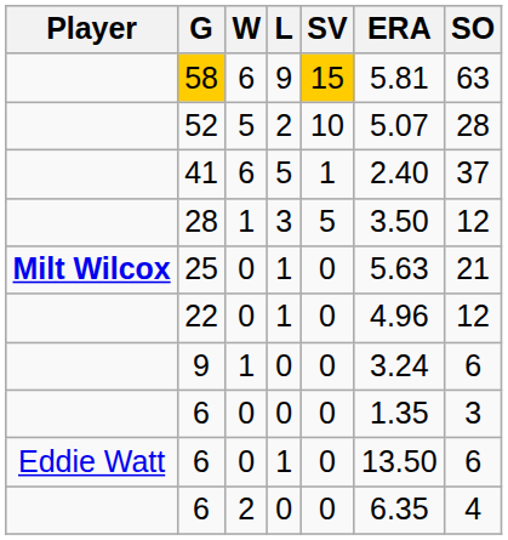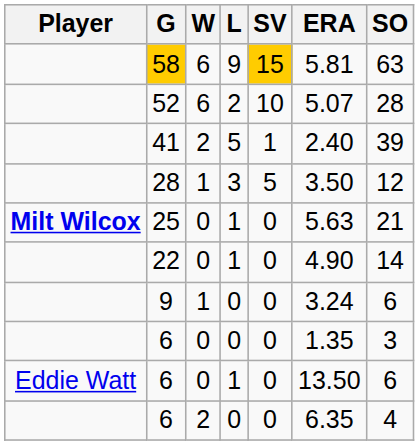 <table class="wikitable sortable" style="text-align:center;">
 <tr>
 <th>Player</th>
 <th>G</th>
 <th>W</th>
 <th>L</th>
 <th>SV</th>
 <th>ERA</th>
 <th>SO</th>
 </tr>
 <tr>
 <td></td>
 <td style="background:#fc0;">58</td>
 <td>6</td>
 <td>9</td>
 <td style="background:#fc0;">15</td>
 <td>5.81</td>
 <td>63</td>
 </tr>
 <tr>
 <td></td>
 <td>52</td>
-<td>5</td>
+<td>6</td>
 <td>2</td>
 <td>10</td>
 <td>5.07</td>
 <td>28</td>
 </tr>
 <tr>
 <td></td>
 <td>41</td>
-<td>6</td>
+<td>2</td>
 <td>5</td>
 <td>1</td>
 <td>2.40</td>
-<td>37</td>
+<td>39</td>
 </tr>
 <tr>
 <td></td>
 <td>28</td>
 <td>1</td>
 <td>3</td>
 <td>5</td>
 <td>3.50</td>
 <td>12</td>
 </tr>
 <tr>
 <td><strong><a href='#'>Milt Wilcox</a></strong></td>
 <td>25</td>
 <td>0</td>
 <td>1</td>
 <td>0</td>
 <td>5.63</td>
 <td>21</td>
 </tr>
 <tr>
 <td></td>
 <td>22</td>
 <td>0</td>
 <td>1</td>
 <td>0</td>
-<td>4.96</td>
-<td>12</td>
+<td>4.90</td>
+<td>14</td>
 </tr>
 <tr>
 <td></td>
 <td>9</td>
 <td>1</td>
 <td>0</td>
 <td>0</td>
 <td>3.24</td>
 <td>6</td>
 </tr>
 <tr>
 <td></td>
 <td>6</td>
 <td>0</td>
 <td>0</td>
 <td>0</td>
 <td>1.35</td>
 <td>3</td>
 </tr>
 <tr>
 <td><a href='#'>Eddie Watt</a></td>
 <td>6</td>
 <td>0</td>
 <td>1</td>
 <td>0</td>
 <td>13.50</td>
 <td>6</td>
 </tr>
 <tr>
 <td></td>
 <td>6</td>
 <td>2</td>
 <td>0</td>
 <td>0</td>
 <td>6.35</td>
 <td>4</td>
 </tr>
 </table>
